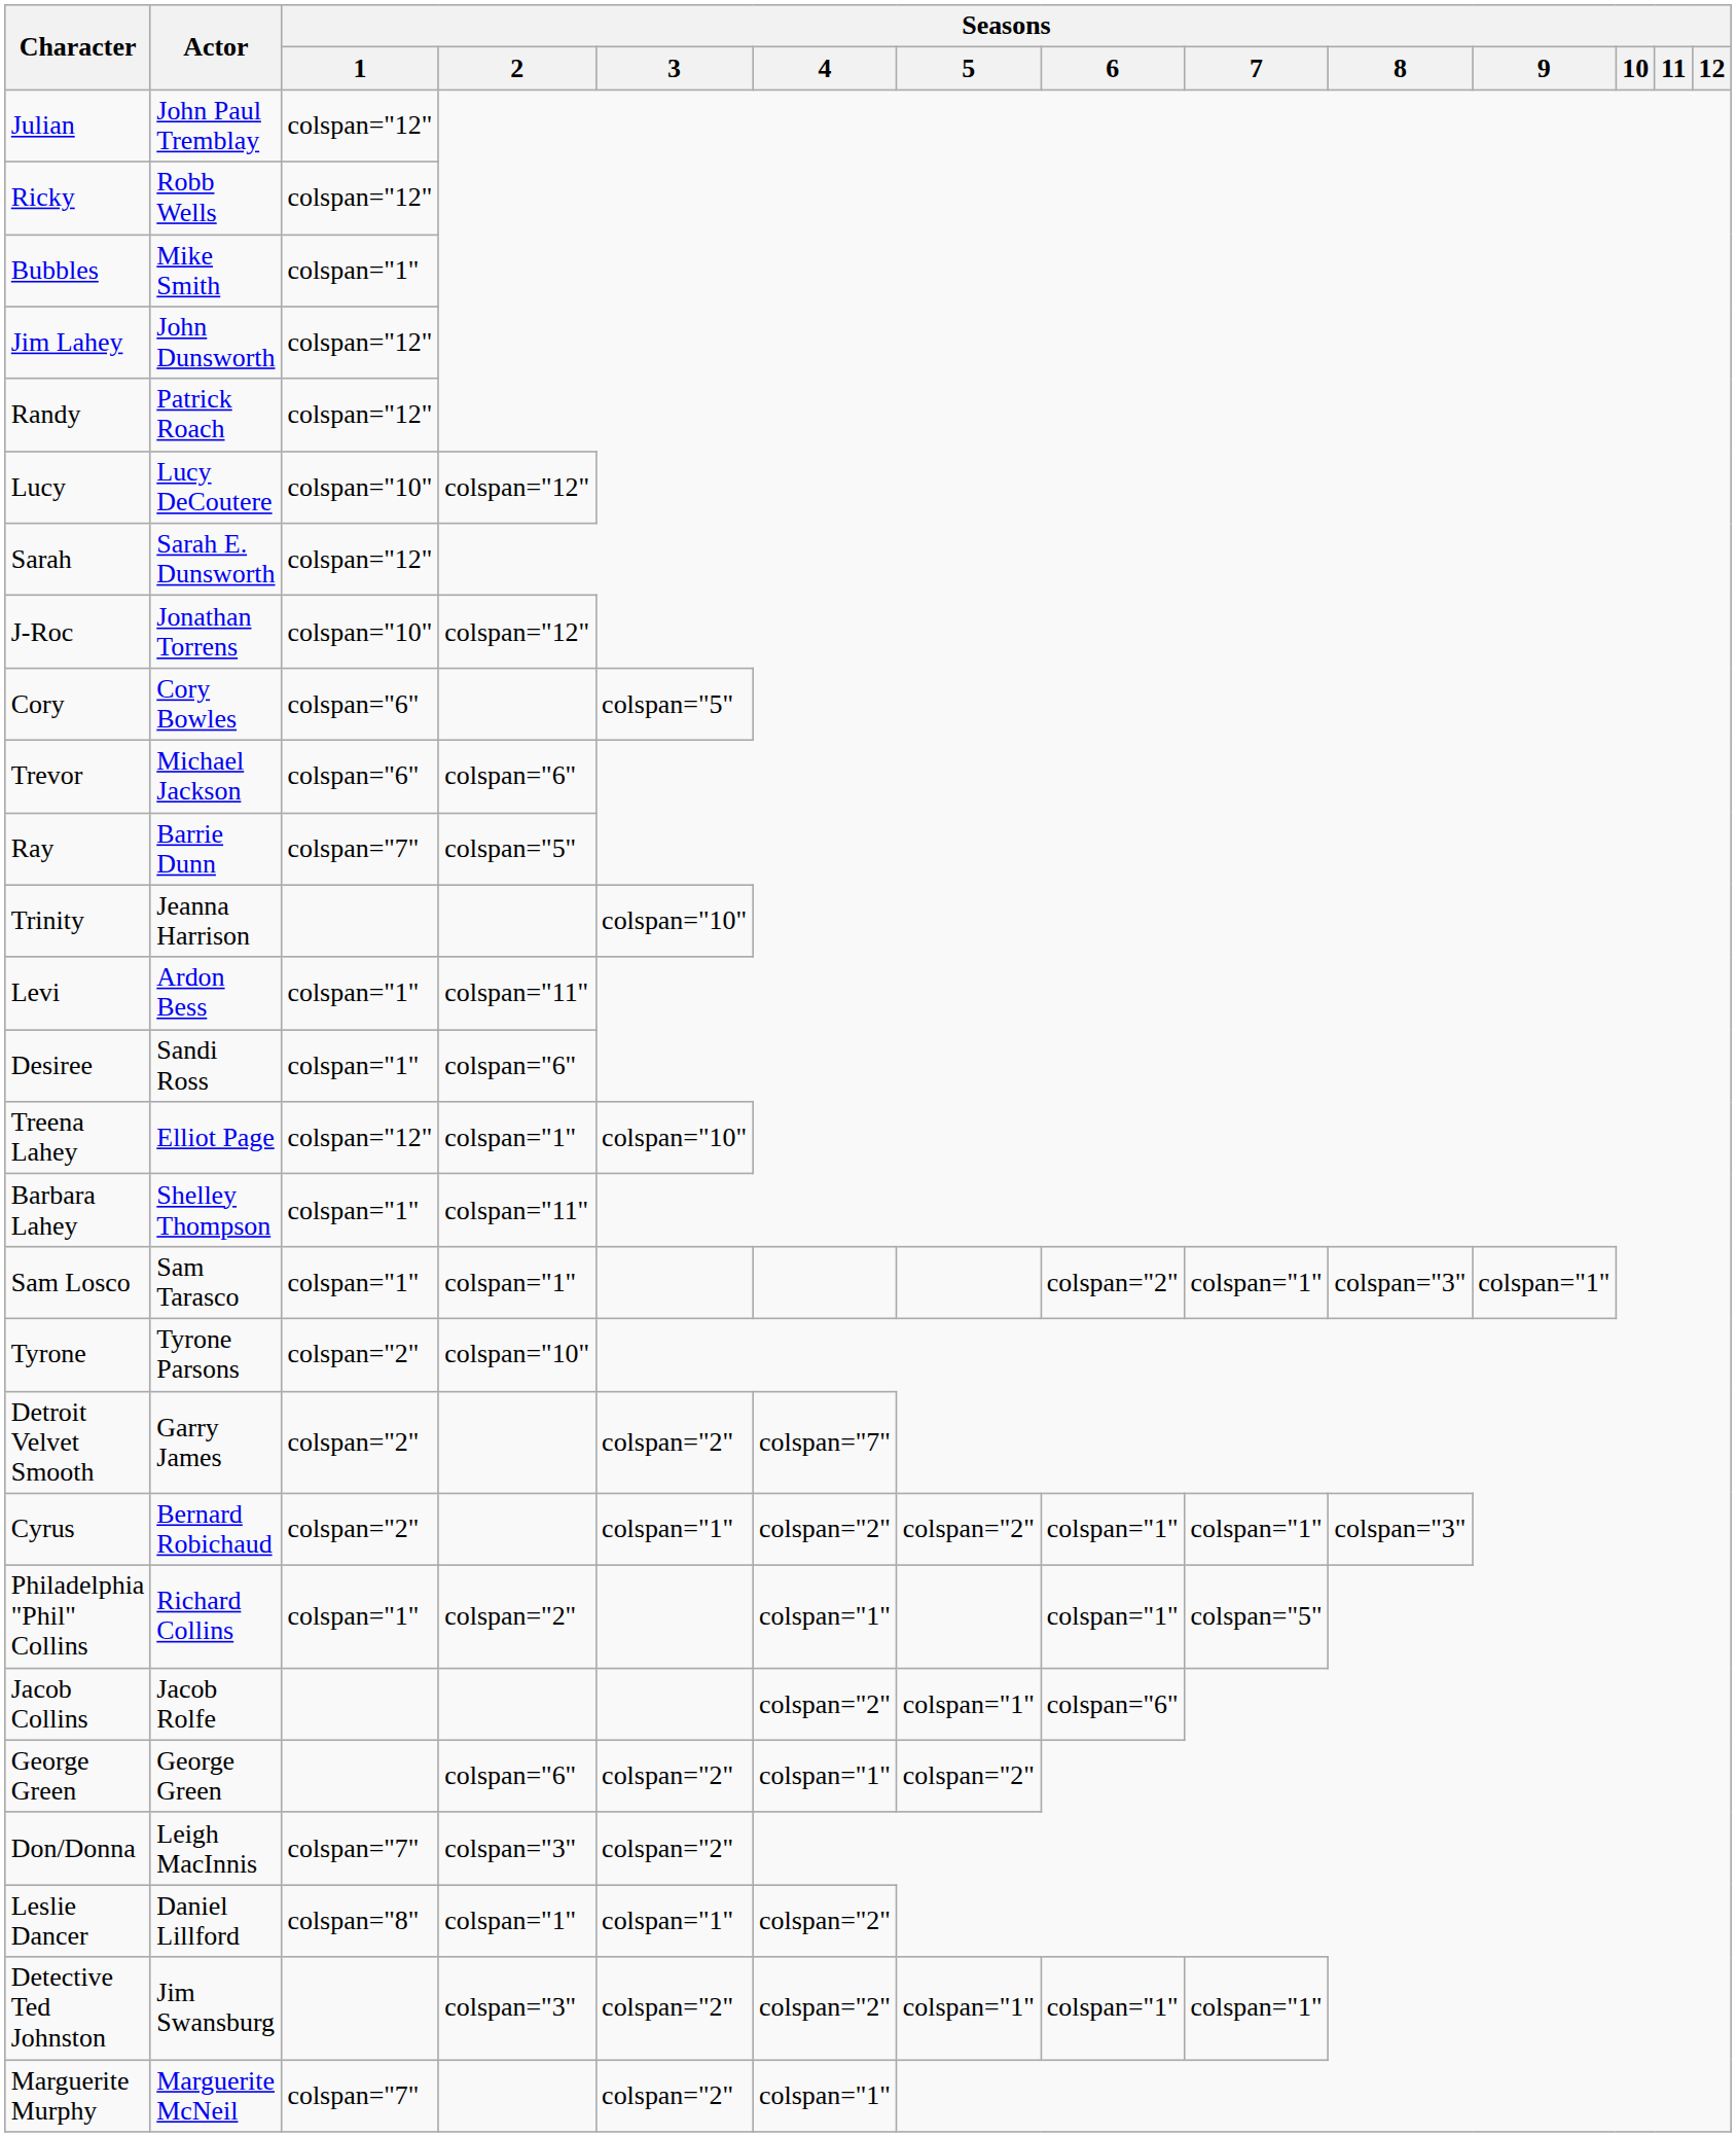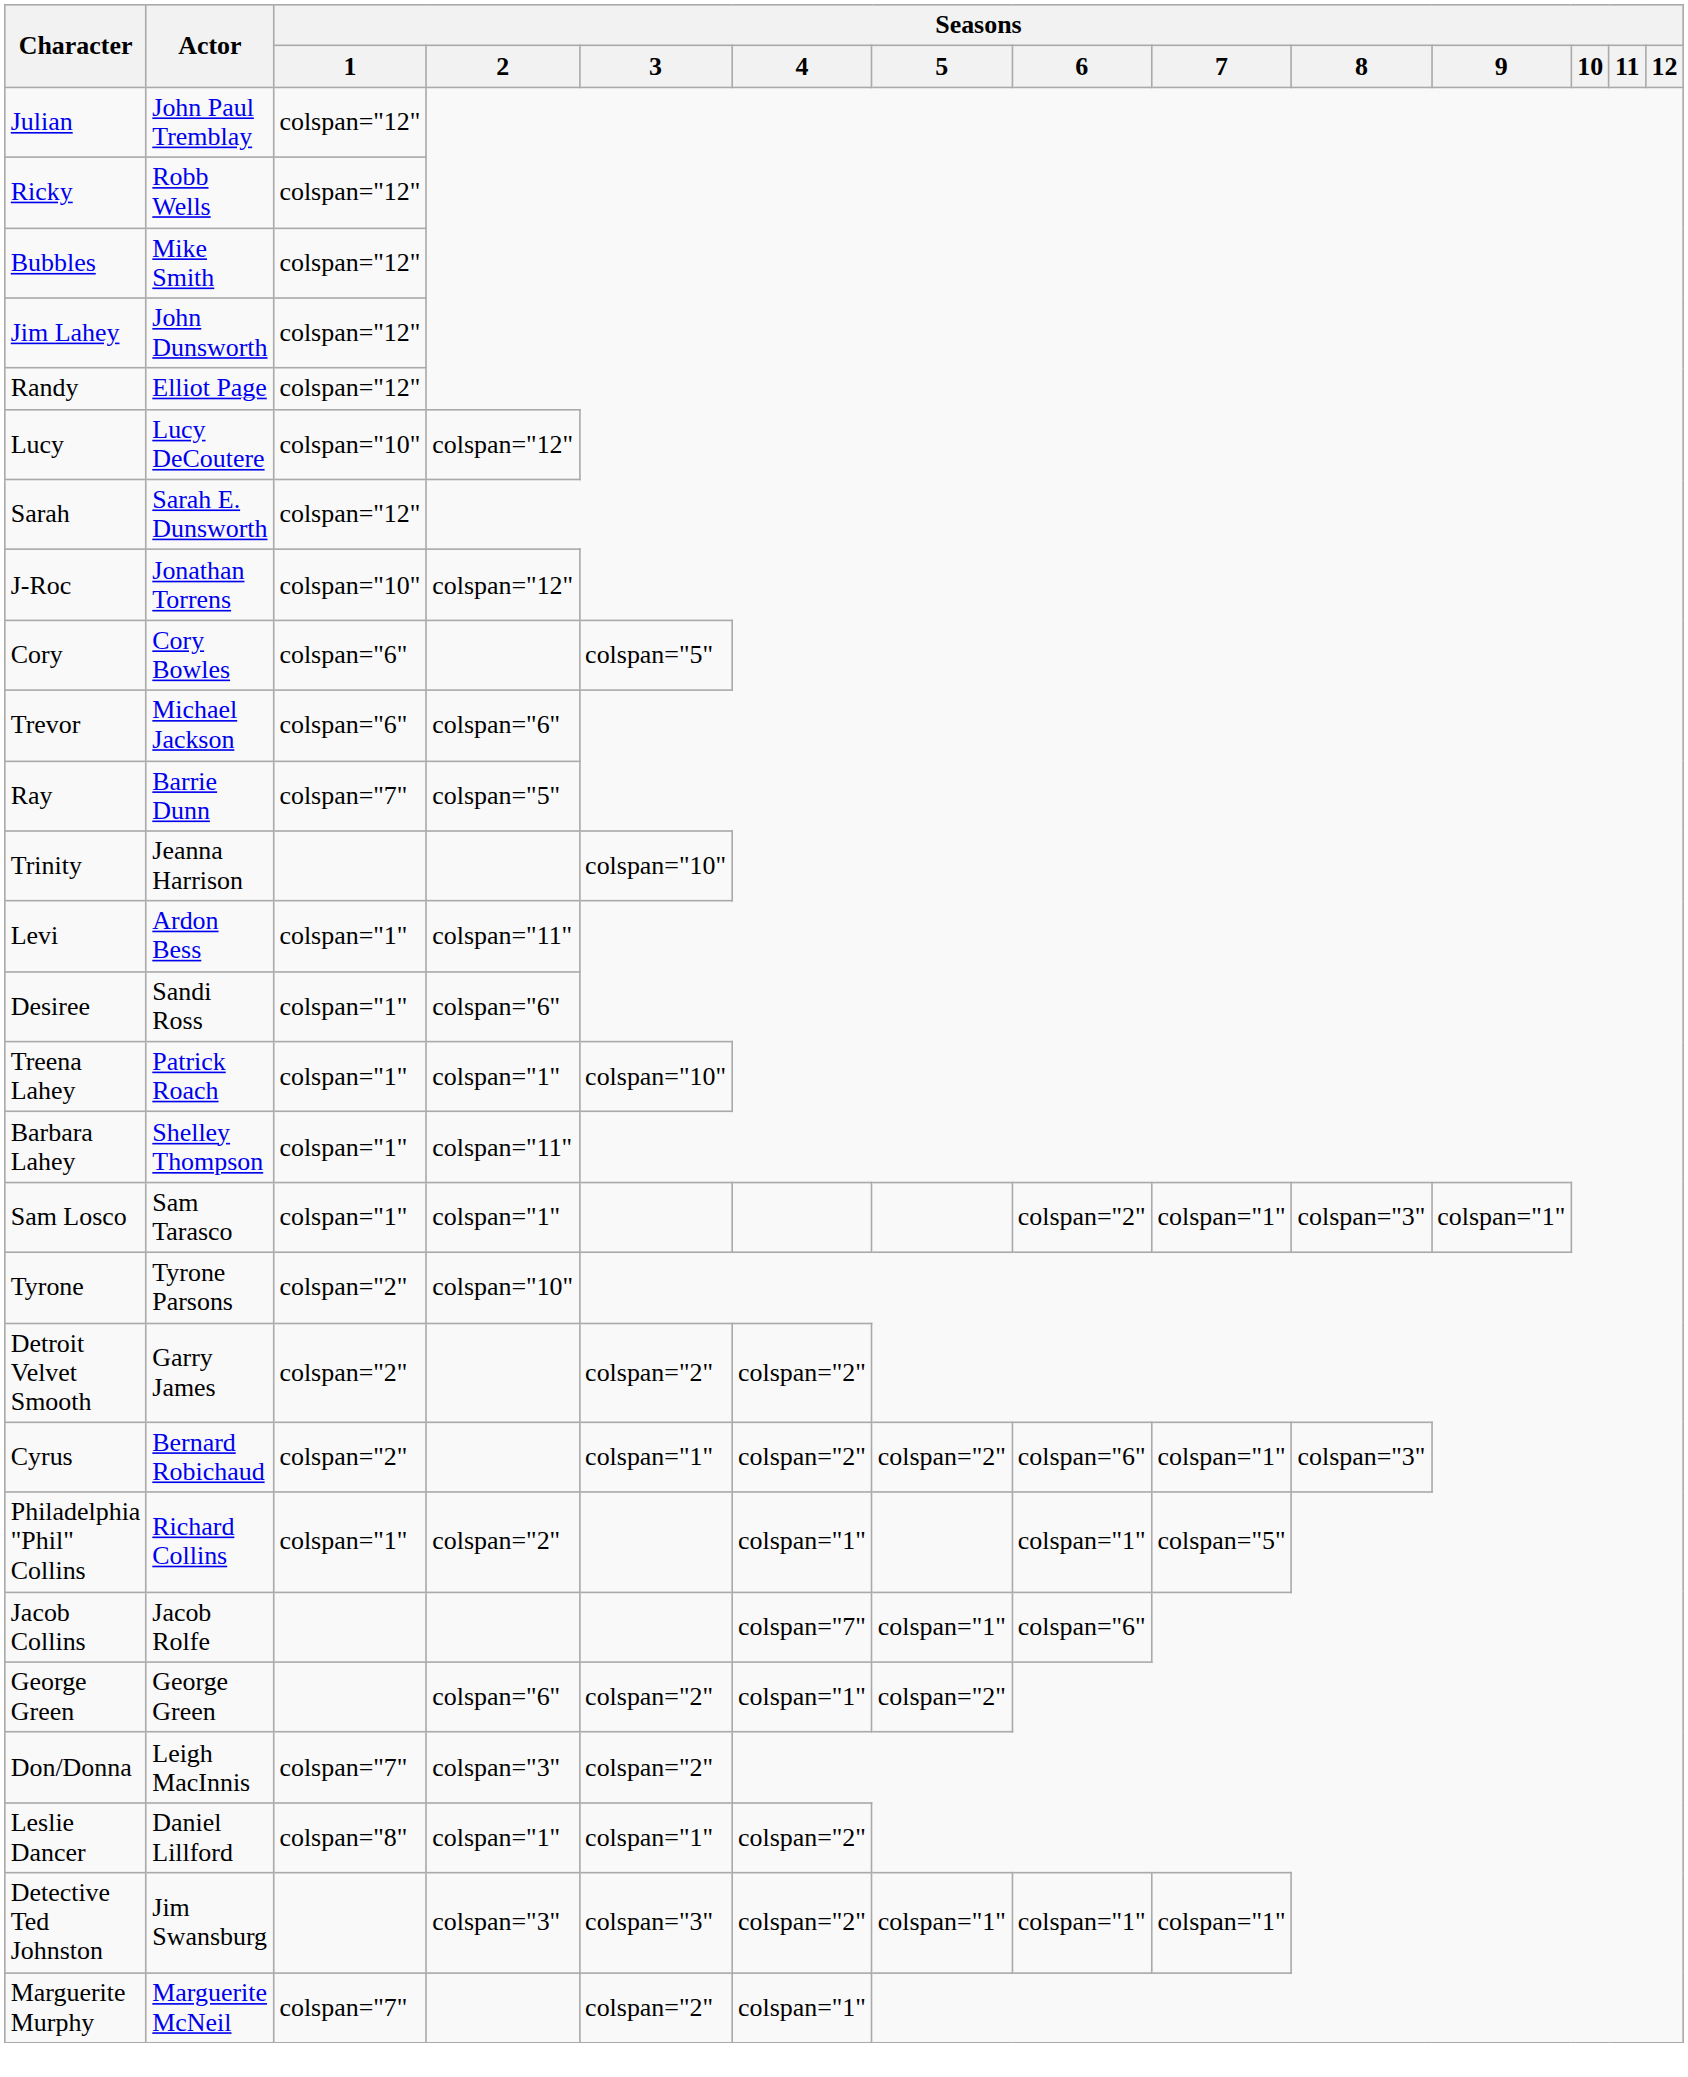 <table class="wikitable plainrowheaders">
 <tr>
 <th scope="col" rowspan="2" style="width:10%;">Character</th>
 <th scope="col" rowspan="2" style="width:13%;">Actor</th>
 <th scope="col" colspan="12">Seasons</th>
 </tr>
 <tr>
 <th style="width:5%;">1</th>
 <th style="width:5%;">2</th>
 <th style="width:5%;">3</th>
 <th style="width:5%;">4</th>
 <th style="width:5%;">5</th>
 <th style="width:5%;">6</th>
 <th style="width:5%;">7</th>
 <th style="width:5%;">8</th>
 <th style="width:5%;">9</th>
 <th style="width:5%;">10</th>
 <th style="width:5%;">11</th>
 <th style="width:5%;">12</th>
 </tr>
 <tr>
 <td scope="row"><a href='#'>Julian</a></td>
 <td><a href='#'>John Paul Tremblay</a></td>
 <td>colspan="12" </td>
 </tr>
 <tr>
 <td scope="row"><a href='#'>Ricky</a></td>
 <td><a href='#'>Robb Wells</a></td>
 <td>colspan="12" </td>
 </tr>
 <tr>
 <td scope="row"><a href='#'>Bubbles</a></td>
 <td><a href='#'>Mike Smith</a></td>
-<td>colspan="1" </td>
+<td>colspan="12" </td>
 </tr>
 <tr>
 <td scope="row"><a href='#'>Jim Lahey</a></td>
 <td><a href='#'>John Dunsworth</a></td>
 <td>colspan="12" </td>
 </tr>
 <tr>
 <td scope="row">Randy</td>
-<td><a href='#'>Patrick Roach</a></td>
+<td><a href='#'>Elliot Page</a></td>
 <td>colspan="12" </td>
 </tr>
 <tr>
 <td scope="row">Lucy</td>
 <td><a href='#'>Lucy DeCoutere</a></td>
 <td>colspan="10" </td>
 <td>colspan="12" </td>
 </tr>
 <tr>
 <td scope="row">Sarah</td>
 <td><a href='#'>Sarah E. Dunsworth</a></td>
 <td>colspan="12" </td>
 </tr>
 <tr>
 <td scope="row">J-Roc</td>
 <td><a href='#'>Jonathan Torrens</a></td>
 <td>colspan="10" </td>
 <td>colspan="12" </td>
 </tr>
 <tr>
 <td scope="row">Cory</td>
 <td><a href='#'>Cory Bowles</a></td>
 <td>colspan="6" </td>
 <td></td>
 <td>colspan="5" </td>
 </tr>
 <tr>
 <td scope="row">Trevor</td>
 <td><a href='#'>Michael Jackson</a></td>
 <td>colspan="6" </td>
 <td>colspan="6" </td>
 </tr>
 <tr>
 <td scope="row">Ray</td>
 <td><a href='#'>Barrie Dunn</a></td>
 <td>colspan="7" </td>
 <td>colspan="5" </td>
 </tr>
 <tr>
 <td scope="row">Trinity</td>
 <td>Jeanna Harrison</td>
 <td></td>
 <td></td>
 <td>colspan="10" </td>
 </tr>
 <tr>
 <td scope="row">Levi</td>
 <td><a href='#'>Ardon Bess</a></td>
 <td>colspan="1" </td>
 <td>colspan="11" </td>
 </tr>
 <tr>
 <td scope="row">Desiree</td>
 <td>Sandi Ross</td>
 <td>colspan="1" </td>
 <td>colspan="6" </td>
 </tr>
 <tr>
 <td scope="row">Treena Lahey</td>
-<td><a href='#'>Elliot Page</a></td>
-<td>colspan="12" </td>
+<td><a href='#'>Patrick Roach</a></td>
+<td>colspan="1" </td>
 <td>colspan="1" </td>
 <td>colspan="10" </td>
 </tr>
 <tr>
 <td scope="row">Barbara Lahey</td>
 <td><a href='#'>Shelley Thompson</a></td>
 <td>colspan="1" </td>
 <td>colspan="11" </td>
 </tr>
 <tr>
 <td scope="row">Sam Losco</td>
 <td>Sam Tarasco</td>
 <td>colspan="1" </td>
 <td>colspan="1" </td>
 <td></td>
 <td></td>
 <td></td>
 <td>colspan="2" </td>
 <td>colspan="1" </td>
 <td>colspan="3" </td>
 <td>colspan="1" </td>
 </tr>
 <tr>
 <td scope="row">Tyrone</td>
 <td>Tyrone Parsons</td>
 <td>colspan="2" </td>
 <td>colspan="10" </td>
 </tr>
 <tr>
 <td scope="row">Detroit Velvet Smooth</td>
 <td>Garry James</td>
 <td>colspan="2" </td>
 <td></td>
 <td>colspan="2" </td>
-<td>colspan="7" </td>
+<td>colspan="2" </td>
 </tr>
 <tr>
 <td scope="row">Cyrus</td>
 <td><a href='#'>Bernard Robichaud</a></td>
 <td>colspan="2" </td>
 <td></td>
 <td>colspan="1" </td>
 <td>colspan="2" </td>
 <td>colspan="2" </td>
-<td>colspan="1" </td>
+<td>colspan="6" </td>
 <td>colspan="1" </td>
 <td>colspan="3" </td>
 </tr>
 <tr>
 <td scope="row">Philadelphia "Phil" Collins</td>
 <td><a href='#'>Richard Collins</a></td>
 <td>colspan="1" </td>
 <td>colspan="2" </td>
 <td></td>
 <td>colspan="1" </td>
 <td></td>
 <td>colspan="1" </td>
 <td>colspan="5" </td>
 </tr>
 <tr>
 <td scope="row">Jacob Collins</td>
 <td>Jacob Rolfe</td>
 <td></td>
 <td></td>
 <td></td>
-<td>colspan="2" </td>
+<td>colspan="7" </td>
 <td>colspan="1" </td>
 <td>colspan="6" </td>
 </tr>
 <tr>
 <td scope="row">George Green</td>
 <td>George Green</td>
 <td></td>
 <td>colspan="6" </td>
 <td>colspan="2" </td>
 <td>colspan="1" </td>
 <td>colspan="2" </td>
 </tr>
 <tr>
 <td scope="row">Don/Donna</td>
 <td>Leigh MacInnis</td>
 <td>colspan="7"</td>
 <td>colspan="3" </td>
 <td>colspan="2" </td>
 </tr>
 <tr>
 <td scope="row">Leslie Dancer</td>
 <td>Daniel Lillford</td>
 <td>colspan="8"</td>
 <td>colspan="1" </td>
 <td>colspan="1" </td>
 <td>colspan="2" </td>
 </tr>
 <tr>
 <td scope="row">Detective Ted Johnston</td>
 <td>Jim Swansburg</td>
 <td></td>
 <td>colspan="3" </td>
-<td>colspan="2" </td>
+<td>colspan="3" </td>
 <td>colspan="2" </td>
 <td>colspan="1" </td>
 <td>colspan="1" </td>
 <td>colspan="1" </td>
 </tr>
 <tr>
 <td scope="row">Marguerite Murphy</td>
 <td><a href='#'>Marguerite McNeil</a></td>
 <td>colspan="7" </td>
 <td></td>
 <td>colspan="2" </td>
 <td>colspan="1" </td>
 </tr>
 </table>
